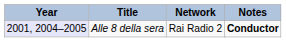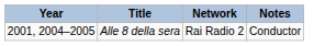 <table class="wikitable">
 <tr>
 <th style="background:#B0C4DE;">Year</th>
 <th style="background:#B0C4DE;">Title</th>
 <th colspan="6" style="background:#B0C4DE;">Network</th>
 <th style="background:#B0C4DE;">Notes</th>
 </tr>
 <tr>
-<td style="background: lavender;">2001, 2004–2005</td>
+<td>2001, 2004–2005</td>
 <td><em>Alle 8 della sera</em></td>
 <td colspan="6">Rai Radio 2</td>
-<td><strong>Conductor</strong></td>
+<td>Conductor</td>
 </tr>
 </table>
